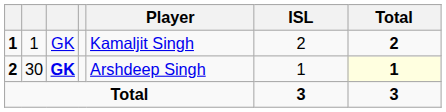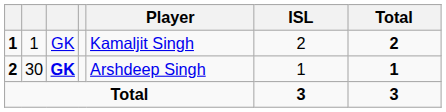 <table class="wikitable" style="font-size: 95%; text-align: center;">
 <tr>
 <th rowspan="1" !width=15></th>
 <th rowspan="1" !width=15></th>
 <th rowspan="1" !width=15></th>
 <th rowspan="1" !width=15></th>
 <th width=150>Player</th>
 <th width=80>ISL</th>
 <th width=80>Total</th>
 </tr>
 <tr>
 <td rowspan=1><strong>1</strong></td>
 <td>1</td>
 <td><a href='#'>GK</a></td>
 <td></td>
 <td align=left><a href='#'>Kamaljit Singh</a></td>
 <td>2</td>
 <td><strong>2</strong></td>
 </tr>
 <tr>
 <td rowspan=1><strong>2</strong></td>
 <td>30</td>
 <td><strong><a href='#'>GK</a></strong></td>
 <td></td>
 <td align=left><a href='#'>Arshdeep Singh</a></td>
 <td>1</td>
-<td style="background: lightyellow;"><strong>1</strong></td>
+<td><strong>1</strong></td>
 </tr>
 <tr>
 <td colspan="5"><strong>Total</strong></td>
 <td><strong>3</strong></td>
 <td><strong>3</strong></td>
 </tr>
 </table>
